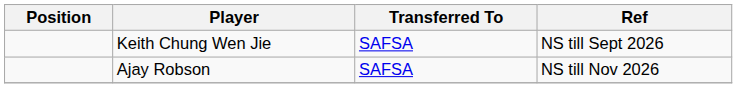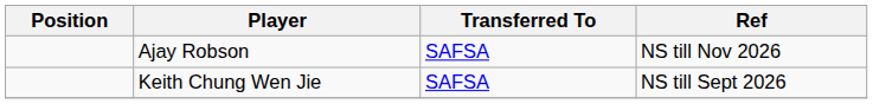 <table class="wikitable sortable" style="width:80%; text-align:center; font-size:100%; text-align:left;">
 <tr>
 <th><strong>Position</strong></th>
 <th><strong>Player</strong></th>
 <th><strong>Transferred To</strong></th>
 <th><strong>Ref</strong></th>
 </tr>
 <tr>
 <td></td>
+<td> Ajay Robson</td>
+<td> <a href='#'>SAFSA</a></td>
+<td>NS till Nov 2026</td>
+</tr>
+<tr>
+<td></td>
 <td> Keith Chung Wen Jie</td>
 <td> <a href='#'>SAFSA</a></td>
 <td>NS till Sept 2026</td>
 </tr>
 <tr>
-<td></td>
-<td> Ajay Robson</td>
-<td> <a href='#'>SAFSA</a></td>
-<td>NS till Nov 2026</td>
-</tr>
-<tr>
 </tr>
 </table>
